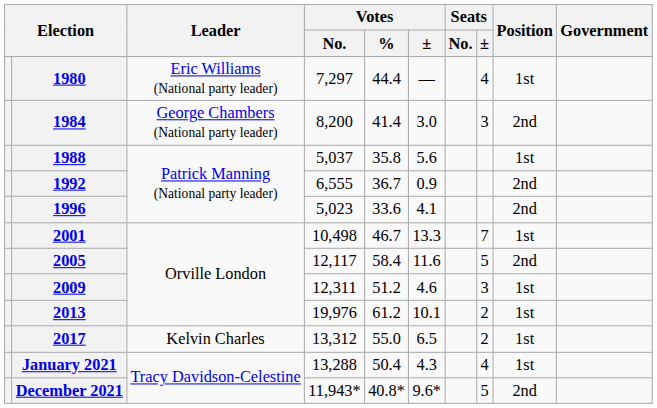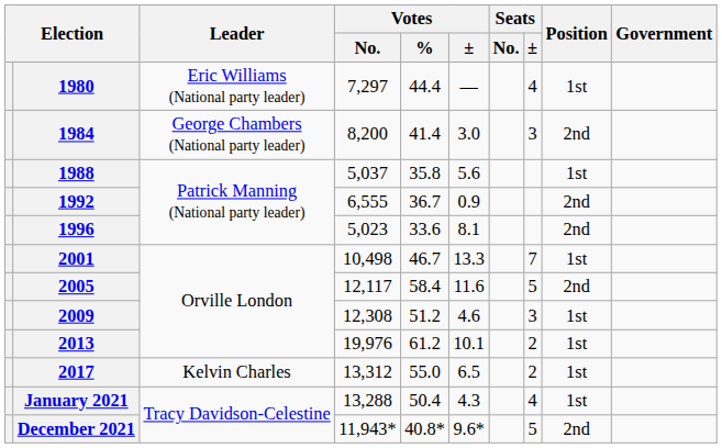 <table class="wikitable" style="text-align:center">
 <tr>
 <th colspan="2" rowspan="2">Election</th>
 <th rowspan="2">Leader</th>
 <th colspan="3">Votes</th>
 <th colspan="2">Seats</th>
 <th rowspan="2">Position</th>
 <th rowspan="2">Government</th>
 </tr>
 <tr>
 <th>No.</th>
 <th>%</th>
 <th>±</th>
 <th>No.</th>
 <th>±</th>
 </tr>
 <tr>
 <th style="background-color: "></th>
 <th><a href='#'>1980</a></th>
 <td><a href='#'>Eric Williams</a><br><small>(National party leader)</small></td>
 <td>7,297</td>
 <td>44.4</td>
 <td>—</td>
 <td></td>
 <td> 4</td>
 <td> 1st</td>
 <td></td>
 </tr>
 <tr>
 <th style="background-color: "></th>
 <th><a href='#'>1984</a></th>
 <td><a href='#'>George Chambers</a><br><small>(National party leader)</small></td>
 <td>8,200</td>
 <td>41.4</td>
 <td> 3.0</td>
 <td></td>
 <td> 3</td>
 <td> 2nd</td>
 <td></td>
 </tr>
 <tr>
 <th style="background-color: "></th>
 <th><a href='#'>1988</a></th>
 <td rowspan="3"><a href='#'>Patrick Manning</a><br><small>(National party leader)</small></td>
 <td>5,037</td>
 <td>35.8</td>
 <td> 5.6</td>
 <td></td>
 <td></td>
 <td>  1st</td>
 <td></td>
 </tr>
 <tr>
 <th style="background-color: "></th>
 <th><a href='#'>1992</a></th>
 <td>6,555</td>
 <td>36.7</td>
 <td> 0.9</td>
 <td></td>
 <td></td>
 <td> 2nd</td>
 <td></td>
 </tr>
 <tr>
 <th style="background-color: "></th>
 <th><a href='#'>1996</a></th>
 <td>5,023</td>
 <td>33.6</td>
-<td> 4.1</td>
+<td> 8.1</td>
 <td></td>
 <td></td>
 <td> 2nd</td>
 <td></td>
 </tr>
 <tr>
 <th style="background-color: "></th>
 <th><a href='#'>2001</a></th>
 <td rowspan="4">Orville London</td>
 <td>10,498</td>
 <td>46.7</td>
 <td> 13.3</td>
 <td></td>
 <td> 7</td>
 <td> 1st</td>
 <td></td>
 </tr>
 <tr>
 <th style="background-color: "></th>
 <th><a href='#'>2005</a></th>
 <td>12,117</td>
 <td>58.4</td>
 <td> 11.6</td>
 <td></td>
 <td> 5</td>
 <td> 2nd</td>
 <td></td>
 </tr>
 <tr>
 <th style="background-color: "></th>
 <th><a href='#'>2009</a></th>
-<td>12,311</td>
+<td>12,308</td>
 <td>51.2</td>
 <td> 4.6</td>
 <td></td>
 <td> 3</td>
 <td>  1st</td>
 <td></td>
 </tr>
 <tr>
 <th style="background-color: "></th>
 <th><a href='#'>2013</a></th>
 <td>19,976</td>
 <td>61.2</td>
 <td> 10.1</td>
 <td></td>
 <td> 2</td>
 <td>  1st</td>
 <td></td>
 </tr>
 <tr>
 <th style="background-color: "></th>
 <th><a href='#'>2017</a></th>
 <td>Kelvin Charles</td>
 <td>13,312</td>
 <td>55.0</td>
 <td> 6.5</td>
 <td></td>
 <td> 2</td>
 <td>  1st</td>
 <td></td>
 </tr>
 <tr>
 <th style="background-color: "></th>
 <th><a href='#'>January 2021</a></th>
 <td rowspan="2"><a href='#'>Tracy Davidson-Celestine</a></td>
 <td>13,288</td>
 <td>50.4</td>
 <td>4.3</td>
 <td></td>
 <td>4</td>
 <td> 1st</td>
 <td></td>
 </tr>
 <tr>
 <th style="background-color: "></th>
 <th><a href='#'>December 2021</a></th>
 <td>11,943*</td>
 <td>40.8*</td>
 <td>9.6*</td>
 <td></td>
 <td>5</td>
 <td> 2nd</td>
 <td></td>
 </tr>
 </table>
